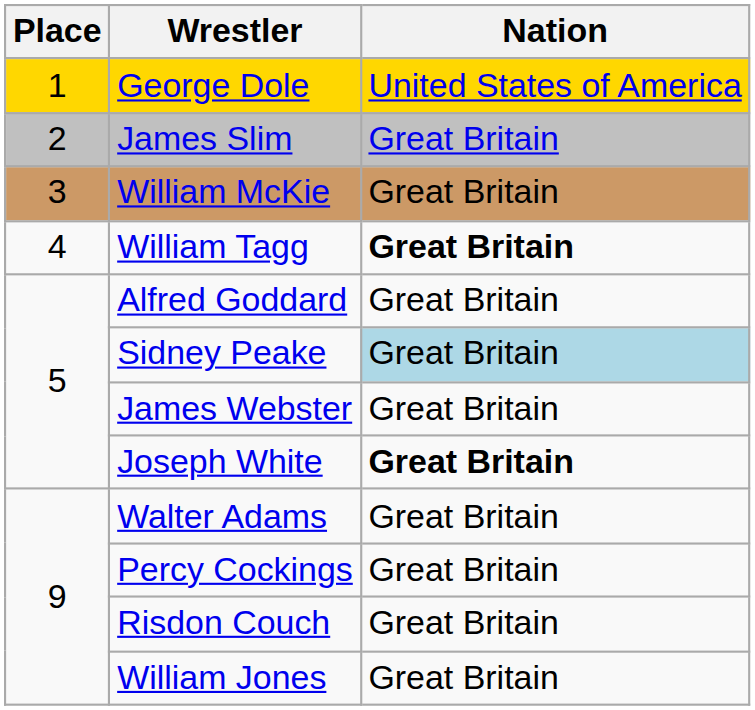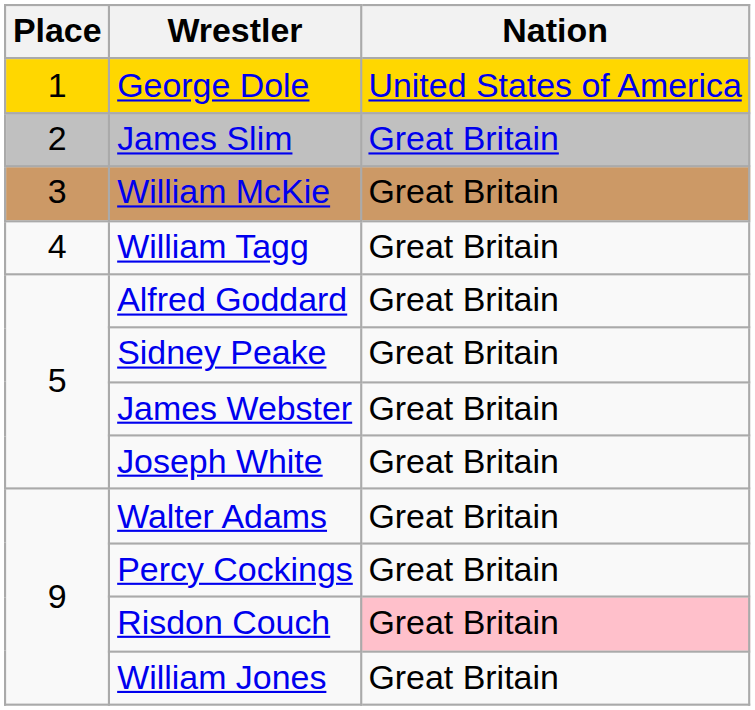 <table class=wikitable>
 <tr>
 <th>Place</th>
 <th>Wrestler</th>
 <th>Nation</th>
 </tr>
 <tr bgcolor=gold>
 <td align=center>1</td>
 <td><a href='#'>George Dole</a></td>
 <td> <a href='#'>United States of America</a></td>
 </tr>
 <tr bgcolor=silver>
 <td align=center>2</td>
 <td><a href='#'>James Slim</a></td>
 <td> <a href='#'>Great Britain</a></td>
 </tr>
 <tr bgcolor=cc9966>
 <td align=center>3</td>
 <td><a href='#'>William McKie</a></td>
 <td> Great Britain</td>
 </tr>
 <tr>
 <td align=center>4</td>
 <td><a href='#'>William Tagg</a></td>
-<td><strong> Great Britain</strong></td>
+<td> Great Britain</td>
 </tr>
 <tr>
 <td align=center rowspan=4>5</td>
 <td><a href='#'>Alfred Goddard</a></td>
 <td> Great Britain</td>
 </tr>
 <tr>
 <td><a href='#'>Sidney Peake</a></td>
-<td style="background: lightblue;"> Great Britain</td>
+<td> Great Britain</td>
 </tr>
 <tr>
 <td><a href='#'>James Webster</a></td>
 <td> Great Britain</td>
 </tr>
 <tr>
 <td><a href='#'>Joseph White</a></td>
-<td><strong> Great Britain</strong></td>
+<td> Great Britain</td>
 </tr>
 <tr>
 <td align=center rowspan=4>9</td>
 <td><a href='#'>Walter Adams</a></td>
 <td> Great Britain</td>
 </tr>
 <tr>
 <td><a href='#'>Percy Cockings</a></td>
 <td> Great Britain</td>
 </tr>
 <tr>
 <td><a href='#'>Risdon Couch</a></td>
-<td> Great Britain</td>
+<td style="background: pink;"> Great Britain</td>
 </tr>
 <tr>
 <td><a href='#'>William Jones</a></td>
 <td> Great Britain</td>
 </tr>
 </table>
